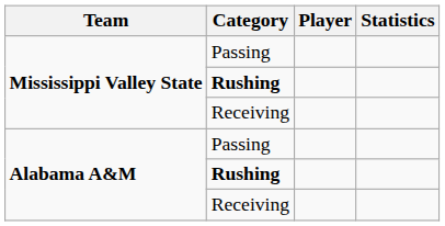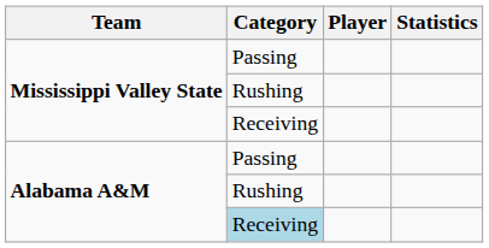 <table class="wikitable" style="float: left;">
 <tr>
 <th>Team</th>
 <th>Category</th>
 <th>Player</th>
 <th>Statistics</th>
 </tr>
 <tr>
 <td rowspan=3><strong>Mississippi Valley State</strong></td>
 <td>Passing</td>
 <td> </td>
 <td> </td>
 </tr>
 <tr>
-<td><strong>Rushing</strong></td>
+<td>Rushing</td>
 <td> </td>
 <td> </td>
 </tr>
 <tr>
 <td>Receiving</td>
 <td> </td>
 <td> </td>
 </tr>
 <tr>
 <td rowspan=3><strong>Alabama A&M</strong></td>
 <td>Passing</td>
 <td> </td>
 <td> </td>
 </tr>
 <tr>
-<td><strong>Rushing</strong></td>
+<td>Rushing</td>
 <td> </td>
 <td> </td>
 </tr>
 <tr>
-<td>Receiving</td>
+<td style="background: lightblue;">Receiving</td>
 <td> </td>
 <td> </td>
 </tr>
 </table>
